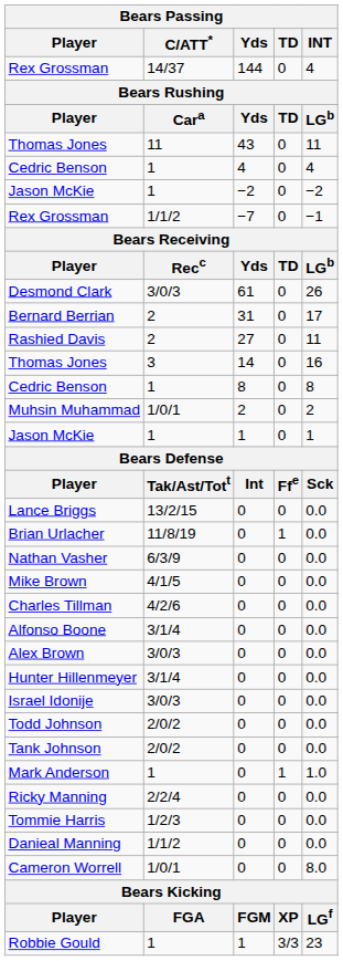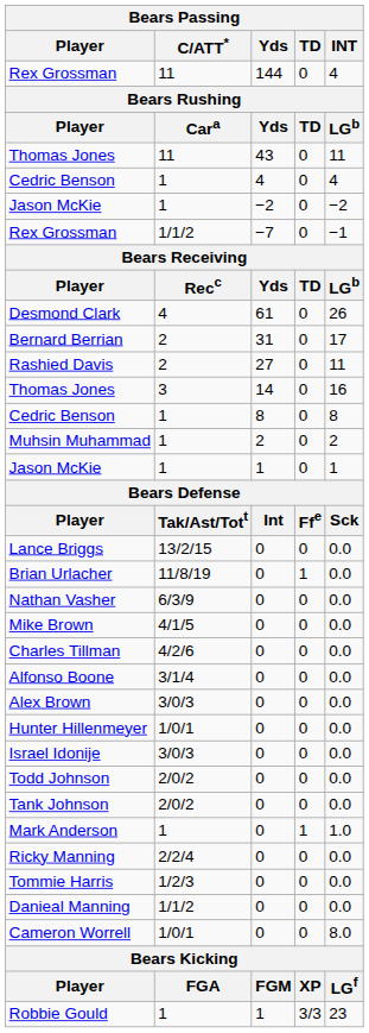 <table class="wikitable">
 <tr>
 <th colspan="5">Bears Passing</th>
 </tr>
 <tr>
 <th>Player</th>
 <th>C/ATT<sup>*</sup></th>
 <th>Yds</th>
 <th>TD</th>
 <th>INT</th>
 </tr>
 <tr>
 <td><a href='#'>Rex Grossman</a></td>
-<td>14/37</td>
+<td>11</td>
 <td>144</td>
 <td>0</td>
 <td>4</td>
 </tr>
 <tr>
 <th colspan="5">Bears Rushing</th>
 </tr>
 <tr>
 <th>Player</th>
 <th>Car<sup>a</sup></th>
 <th>Yds</th>
 <th>TD</th>
 <th>LG<sup>b</sup></th>
 </tr>
 <tr>
 <td><a href='#'>Thomas Jones</a></td>
 <td>11</td>
 <td>43</td>
 <td>0</td>
 <td>11</td>
 </tr>
 <tr>
 <td><a href='#'>Cedric Benson</a></td>
 <td>1</td>
 <td>4</td>
 <td>0</td>
 <td>4</td>
 </tr>
 <tr>
 <td><a href='#'>Jason McKie</a></td>
 <td>1</td>
 <td>−2</td>
 <td>0</td>
 <td>−2</td>
 </tr>
 <tr>
 <td><a href='#'>Rex Grossman</a></td>
 <td>1/1/2</td>
 <td>−7</td>
 <td>0</td>
 <td>−1</td>
 </tr>
 <tr>
 <th colspan="5">Bears Receiving</th>
 </tr>
 <tr>
 <th>Player</th>
 <th>Rec<sup>c</sup></th>
 <th>Yds</th>
 <th>TD</th>
 <th>LG<sup>b</sup></th>
 </tr>
 <tr>
 <td><a href='#'>Desmond Clark</a></td>
-<td>3/0/3</td>
+<td>4</td>
 <td>61</td>
 <td>0</td>
 <td>26</td>
 </tr>
 <tr>
 <td><a href='#'>Bernard Berrian</a></td>
 <td>2</td>
 <td>31</td>
 <td>0</td>
 <td>17</td>
 </tr>
 <tr>
 <td><a href='#'>Rashied Davis</a></td>
 <td>2</td>
 <td>27</td>
 <td>0</td>
 <td>11</td>
 </tr>
 <tr>
 <td><a href='#'>Thomas Jones</a></td>
 <td>3</td>
 <td>14</td>
 <td>0</td>
 <td>16</td>
 </tr>
 <tr>
 <td><a href='#'>Cedric Benson</a></td>
 <td>1</td>
 <td>8</td>
 <td>0</td>
 <td>8</td>
 </tr>
 <tr>
 <td><a href='#'>Muhsin Muhammad</a></td>
-<td>1/0/1</td>
+<td>1</td>
 <td>2</td>
 <td>0</td>
 <td>2</td>
 </tr>
 <tr>
 <td><a href='#'>Jason McKie</a></td>
 <td>1</td>
 <td>1</td>
 <td>0</td>
 <td>1</td>
 </tr>
 <tr>
 <th colspan="5">Bears Defense</th>
 </tr>
 <tr>
 <th>Player</th>
 <th>Tak/Ast/Tot<sup>t</sup></th>
 <th>Int</th>
 <th>Ff<sup>e</sup></th>
 <th>Sck</th>
 </tr>
 <tr>
 <td><a href='#'>Lance Briggs</a></td>
 <td>13/2/15</td>
 <td>0</td>
 <td>0</td>
 <td>0.0</td>
 </tr>
 <tr>
 <td><a href='#'>Brian Urlacher</a></td>
 <td>11/8/19</td>
 <td>0</td>
 <td>1</td>
 <td>0.0</td>
 </tr>
 <tr>
 <td><a href='#'>Nathan Vasher</a></td>
 <td>6/3/9</td>
 <td>0</td>
 <td>0</td>
 <td>0.0</td>
 </tr>
 <tr>
 <td><a href='#'>Mike Brown</a></td>
 <td>4/1/5</td>
 <td>0</td>
 <td>0</td>
 <td>0.0</td>
 </tr>
 <tr>
 <td><a href='#'>Charles Tillman</a></td>
 <td>4/2/6</td>
 <td>0</td>
 <td>0</td>
 <td>0.0</td>
 </tr>
 <tr>
 <td><a href='#'>Alfonso Boone</a></td>
 <td>3/1/4</td>
 <td>0</td>
 <td>0</td>
 <td>0.0</td>
 </tr>
 <tr>
 <td><a href='#'>Alex Brown</a></td>
 <td>3/0/3</td>
 <td>0</td>
 <td>0</td>
 <td>0.0</td>
 </tr>
 <tr>
 <td><a href='#'>Hunter Hillenmeyer</a></td>
-<td>3/1/4</td>
+<td>1/0/1</td>
 <td>0</td>
 <td>0</td>
 <td>0.0</td>
 </tr>
 <tr>
 <td><a href='#'>Israel Idonije</a></td>
 <td>3/0/3</td>
 <td>0</td>
 <td>0</td>
 <td>0.0</td>
 </tr>
 <tr>
 <td><a href='#'>Todd Johnson</a></td>
 <td>2/0/2</td>
 <td>0</td>
 <td>0</td>
 <td>0.0</td>
 </tr>
 <tr>
 <td><a href='#'>Tank Johnson</a></td>
 <td>2/0/2</td>
 <td>0</td>
 <td>0</td>
 <td>0.0</td>
 </tr>
 <tr>
 <td><a href='#'>Mark Anderson</a></td>
 <td>1</td>
 <td>0</td>
 <td>1</td>
 <td>1.0</td>
 </tr>
 <tr>
 <td><a href='#'>Ricky Manning</a></td>
 <td>2/2/4</td>
 <td>0</td>
 <td>0</td>
 <td>0.0</td>
 </tr>
 <tr>
 <td><a href='#'>Tommie Harris</a></td>
 <td>1/2/3</td>
 <td>0</td>
 <td>0</td>
 <td>0.0</td>
 </tr>
 <tr>
 <td><a href='#'>Danieal Manning</a></td>
 <td>1/1/2</td>
 <td>0</td>
 <td>0</td>
 <td>0.0</td>
 </tr>
 <tr>
 <td><a href='#'>Cameron Worrell</a></td>
 <td>1/0/1</td>
 <td>0</td>
 <td>0</td>
 <td>8.0</td>
 </tr>
 <tr>
 <th colspan="5">Bears Kicking</th>
 </tr>
 <tr>
 <th>Player</th>
 <th>FGA</th>
 <th>FGM</th>
 <th>XP</th>
 <th>LG<sup>f</sup></th>
 </tr>
 <tr>
 <td><a href='#'>Robbie Gould</a></td>
 <td>1</td>
 <td>1</td>
 <td>3/3</td>
 <td>23</td>
 </tr>
 </table>
